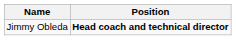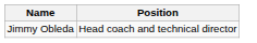 <table class="wikitable">
 <tr>
 <th>Name</th>
 <th>Position</th>
 </tr>
 <tr>
 <td> Jimmy Obleda</td>
-<td><strong>Head coach and technical director</strong></td>
+<td>Head coach and technical director</td>
 </tr>
 </table>
